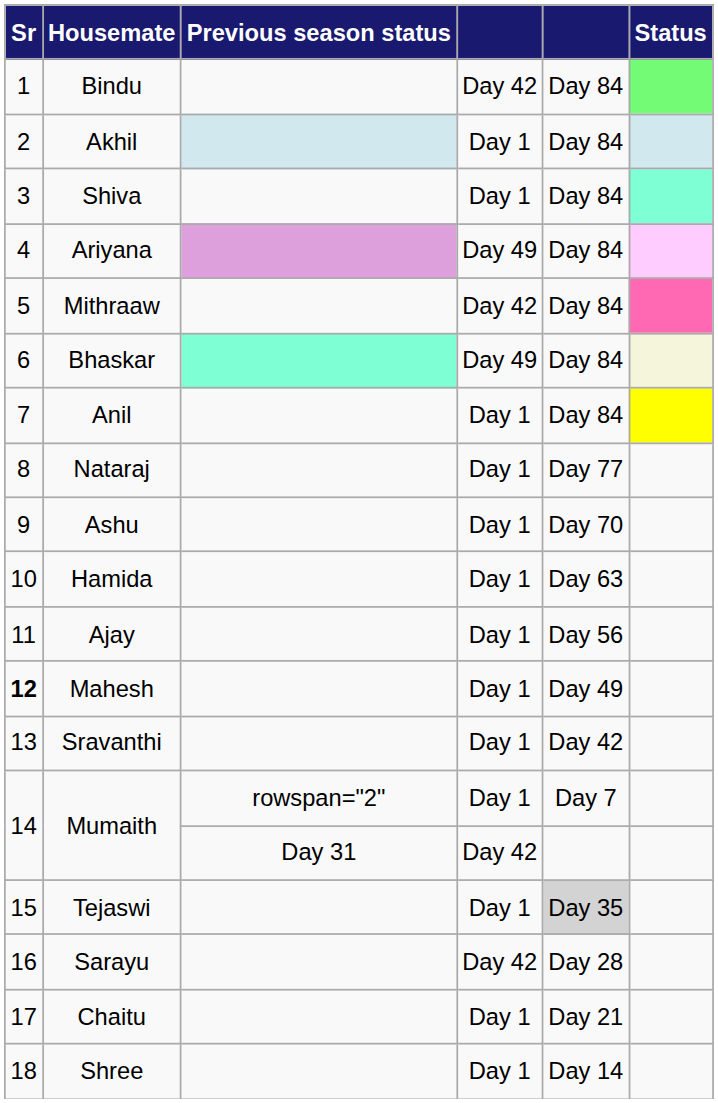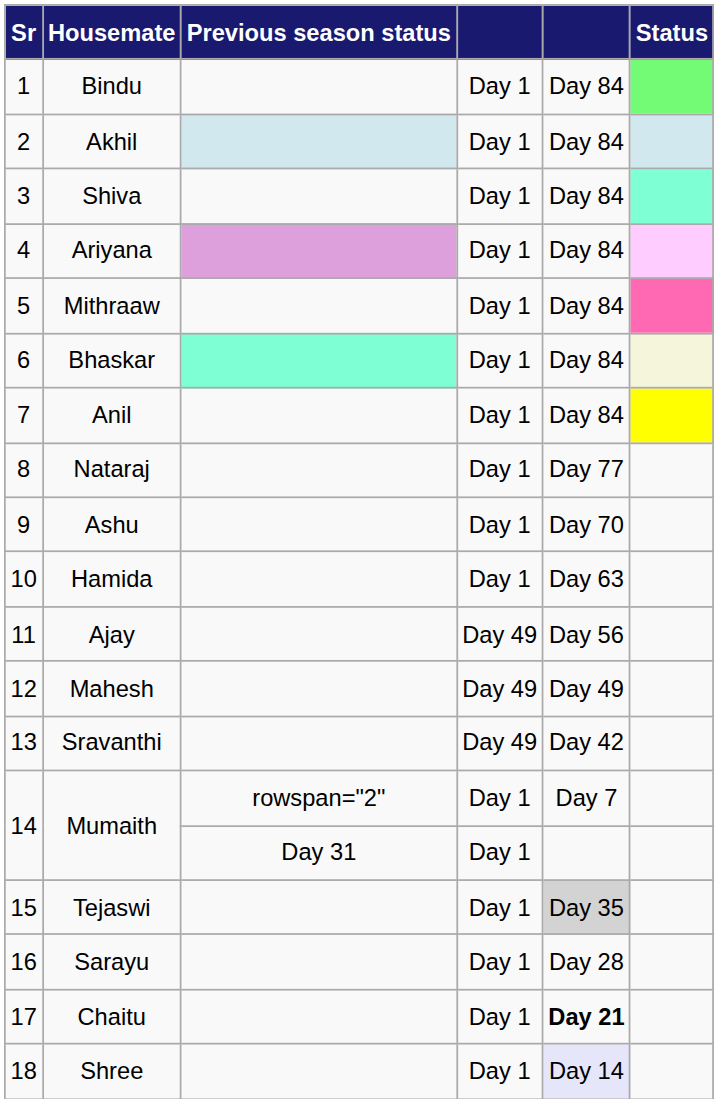 <table class="wikitable sortable" style=" text-align:center; font-size:85%; line-height:25px; width:auto;">
 <tr>
 <th scope="col" style="background:#191970; color:#fff;">Sr</th>
 <th scope="col" style="background:#191970; color:#fff;">Housemate</th>
 <th scope="col" style="background:#191970; color:#fff;">Previous season status</th>
 <th scope="col" style="background:#191970; color:#fff;"></th>
 <th scope="col" style="background:#191970; color:#fff;"></th>
 <th scope="col" style="background:#191970; color:#fff;">Status</th>
 </tr>
 <tr>
 <td>1</td>
 <td>Bindu</td>
 <td></td>
-<td>Day 42</td>
+<td>Day 1</td>
 <td>Day 84</td>
 <td style="background:#73FB76;"></td>
 </tr>
 <tr>
 <td>2</td>
 <td>Akhil</td>
 <td style="background:#D1E8EF;"></td>
 <td>Day 1</td>
 <td>Day 84</td>
 <td style="background:#D1E8EF;"></td>
 </tr>
 <tr>
 <td>3</td>
 <td>Shiva</td>
 <td></td>
 <td>Day 1</td>
 <td>Day 84</td>
 <td style="background:#7FFFD4;"></td>
 </tr>
 <tr>
 <td>4</td>
 <td>Ariyana</td>
 <td style="background:#DDA0DD;"></td>
-<td>Day 49</td>
+<td>Day 1</td>
 <td>Day 84</td>
 <td style="background:#fcf; text-align:center;"></td>
 </tr>
 <tr>
 <td>5</td>
 <td>Mithraaw</td>
 <td></td>
-<td>Day 42</td>
+<td>Day 1</td>
 <td>Day 84</td>
 <td style="background:#FF69B4;"></td>
 </tr>
 <tr>
 <td>6</td>
 <td>Bhaskar</td>
 <td style="background:#7FFFD4;"></td>
-<td>Day 49</td>
+<td>Day 1</td>
 <td>Day 84</td>
 <td style="background:Beige;"></td>
 </tr>
 <tr>
 <td>7</td>
 <td>Anil</td>
 <td></td>
 <td>Day 1</td>
 <td>Day 84</td>
 <td style="background:yellow"></td>
 </tr>
 <tr>
 <td>8</td>
 <td>Nataraj</td>
 <td></td>
 <td>Day 1</td>
 <td>Day 77</td>
 <td></td>
 </tr>
 <tr>
 <td>9</td>
 <td>Ashu</td>
 <td></td>
 <td>Day 1</td>
 <td>Day 70</td>
 <td></td>
 </tr>
 <tr>
 <td>10</td>
 <td>Hamida</td>
 <td></td>
 <td>Day 1</td>
 <td>Day 63</td>
 <td></td>
 </tr>
 <tr>
 <td>11</td>
 <td>Ajay</td>
 <td></td>
-<td>Day 1</td>
+<td>Day 49</td>
 <td>Day 56</td>
 <td></td>
 </tr>
 <tr>
-<td><strong>12</strong></td>
+<td>12</td>
 <td>Mahesh</td>
 <td></td>
-<td>Day 1</td>
+<td>Day 49</td>
 <td>Day 49</td>
 <td></td>
 </tr>
 <tr>
 <td>13</td>
 <td>Sravanthi</td>
 <td></td>
-<td>Day 1</td>
+<td>Day 49</td>
 <td>Day 42</td>
 <td></td>
 </tr>
 <tr>
 <td rowspan="2">14</td>
 <td rowspan="2">Mumaith</td>
 <td>rowspan="2" </td>
 <td>Day 1</td>
 <td>Day 7</td>
 <td></td>
 </tr>
 <tr>
 <td>Day 31</td>
-<td>Day 42</td>
+<td>Day 1</td>
 <td></td>
 </tr>
 <tr>
 <td>15</td>
 <td>Tejaswi</td>
 <td></td>
 <td>Day 1</td>
 <td style="background: lightgrey;">Day 35</td>
 <td></td>
 </tr>
 <tr>
 <td>16</td>
 <td>Sarayu</td>
 <td></td>
-<td>Day 42</td>
+<td>Day 1</td>
 <td>Day 28</td>
 <td></td>
 </tr>
 <tr>
 <td>17</td>
 <td>Chaitu</td>
 <td></td>
 <td>Day 1</td>
-<td>Day 21</td>
+<td><strong>Day 21</strong></td>
 <td></td>
 </tr>
 <tr>
 <td>18</td>
 <td>Shree</td>
 <td></td>
 <td>Day 1</td>
-<td>Day 14</td>
+<td style="background: lavender;">Day 14</td>
 <td></td>
 </tr>
 </table>
